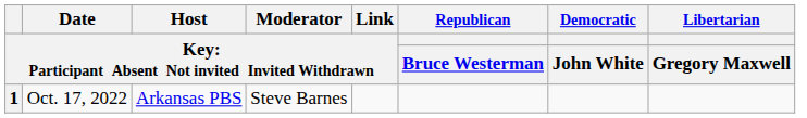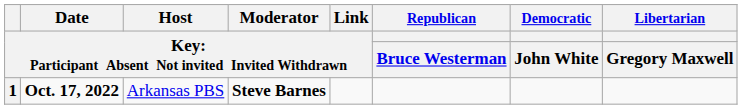 <table class="wikitable" style="text-align:center;">
 <tr>
 <th scope="col"></th>
 <th scope="col">Date</th>
 <th scope="col">Host</th>
 <th scope="col">Moderator</th>
 <th scope="col">Link</th>
 <th scope="col"><small><a href='#'>Republican</a></small></th>
 <th scope="col"><small><a href='#'>Democratic</a></small></th>
 <th scope="col"><small><a href='#'>Libertarian</a></small></th>
 </tr>
 <tr>
 <th colspan="5" rowspan="2">Key:<br> <small>Participant </small>  <small>Absent </small>  <small>Not invited </small>  <small>Invited  Withdrawn</small></th>
 <th scope="col" style="background:"></th>
 <th scope="col" style="background:"></th>
 <th scope="col" style="background:"></th>
 </tr>
 <tr>
 <th scope="col"><a href='#'>Bruce Westerman</a></th>
 <th scope="col">John White</th>
 <th scope="col">Gregory Maxwell</th>
 </tr>
 <tr>
 <th>1</th>
-<td style="white-space:nowrap;">Oct. 17, 2022</td>
+<td style="white-space:nowrap;"><strong>Oct. 17, 2022</strong></td>
 <td style="white-space:nowrap;"><a href='#'>Arkansas PBS</a></td>
-<td style="white-space:nowrap;">Steve Barnes</td>
+<td style="white-space:nowrap;"><strong>Steve Barnes</strong></td>
 <td style="white-space:nowrap;"></td>
 <td></td>
 <td></td>
 <td></td>
 </tr>
 </table>
